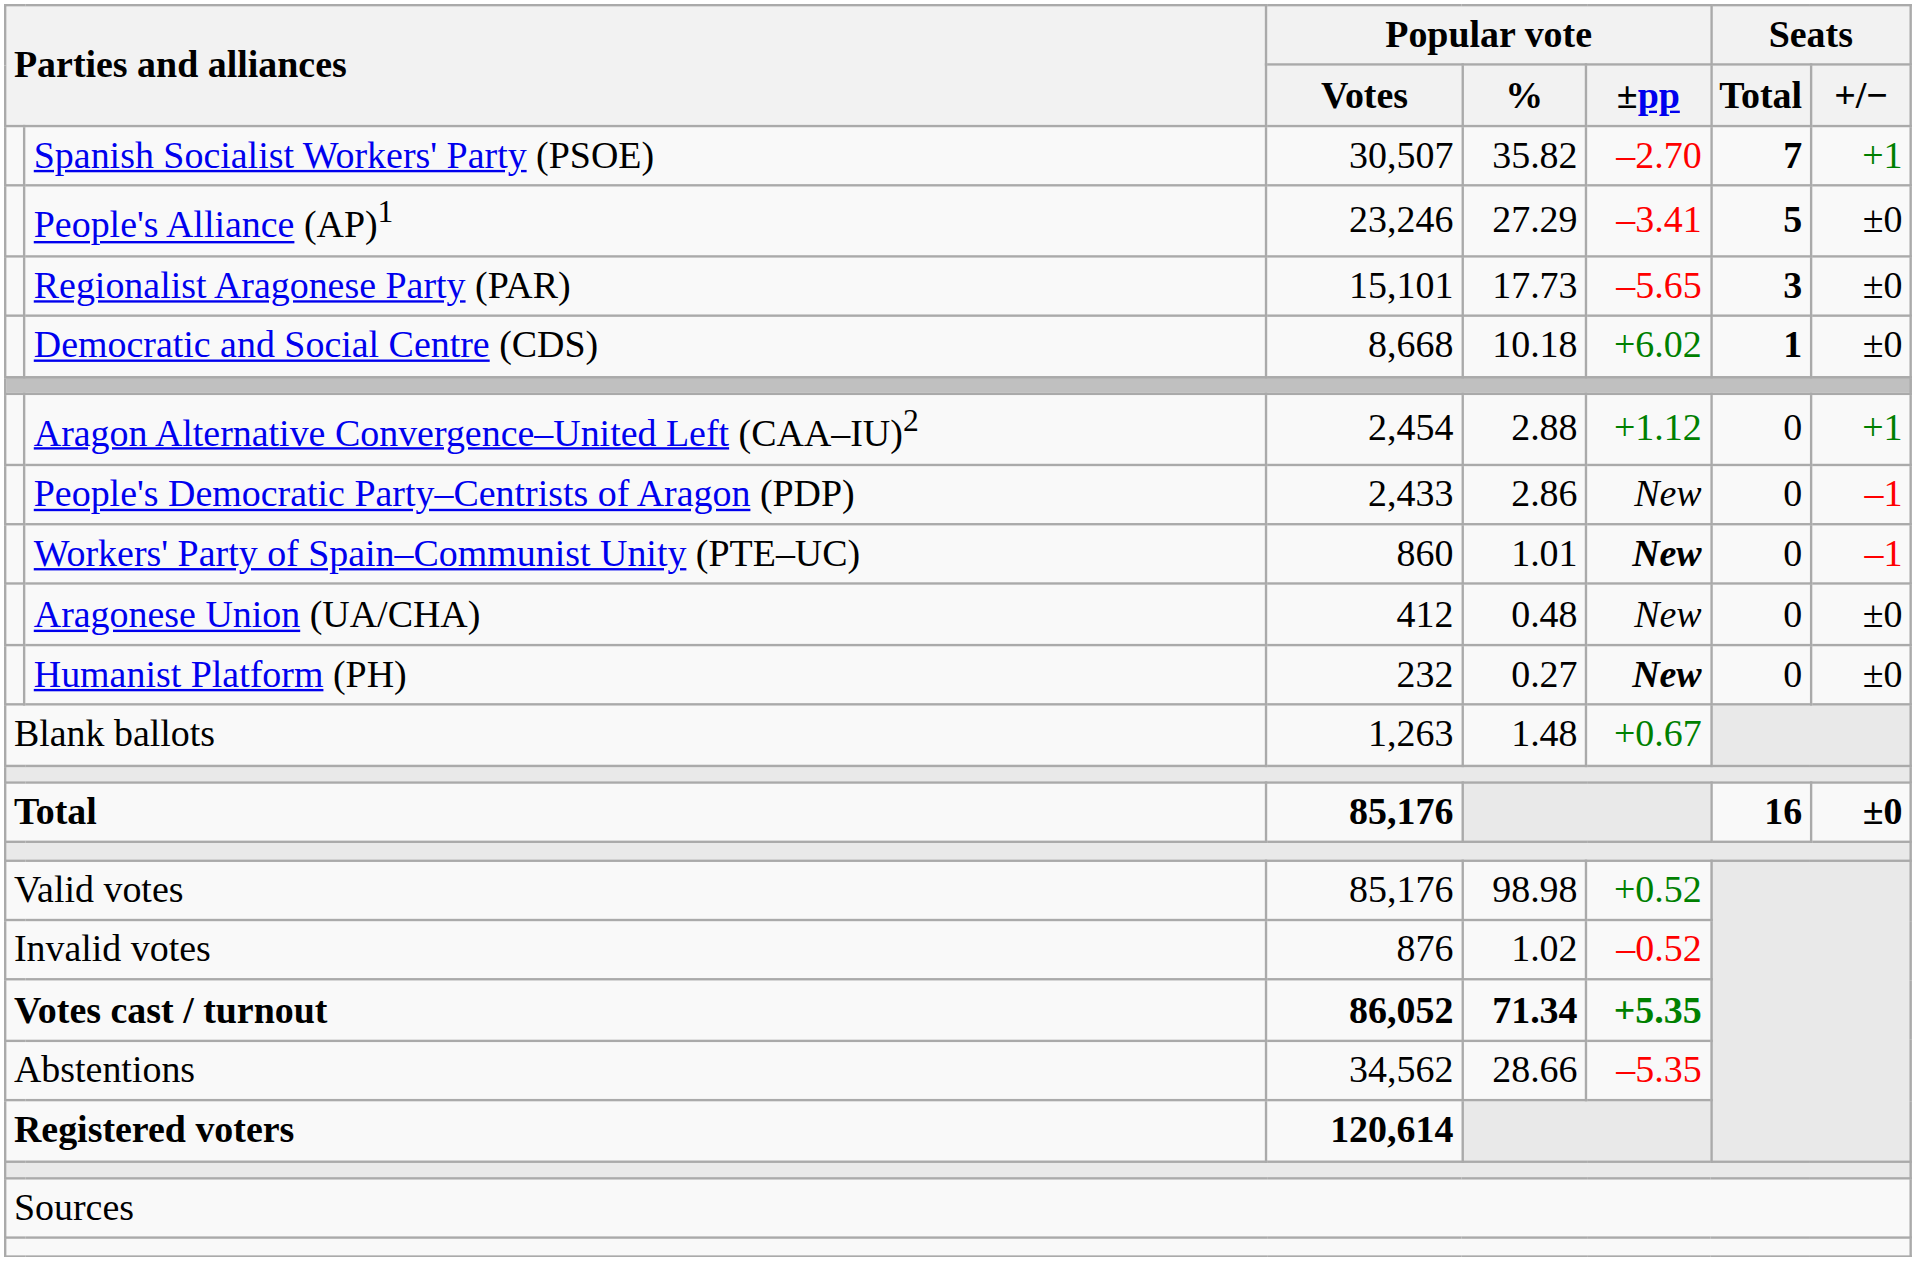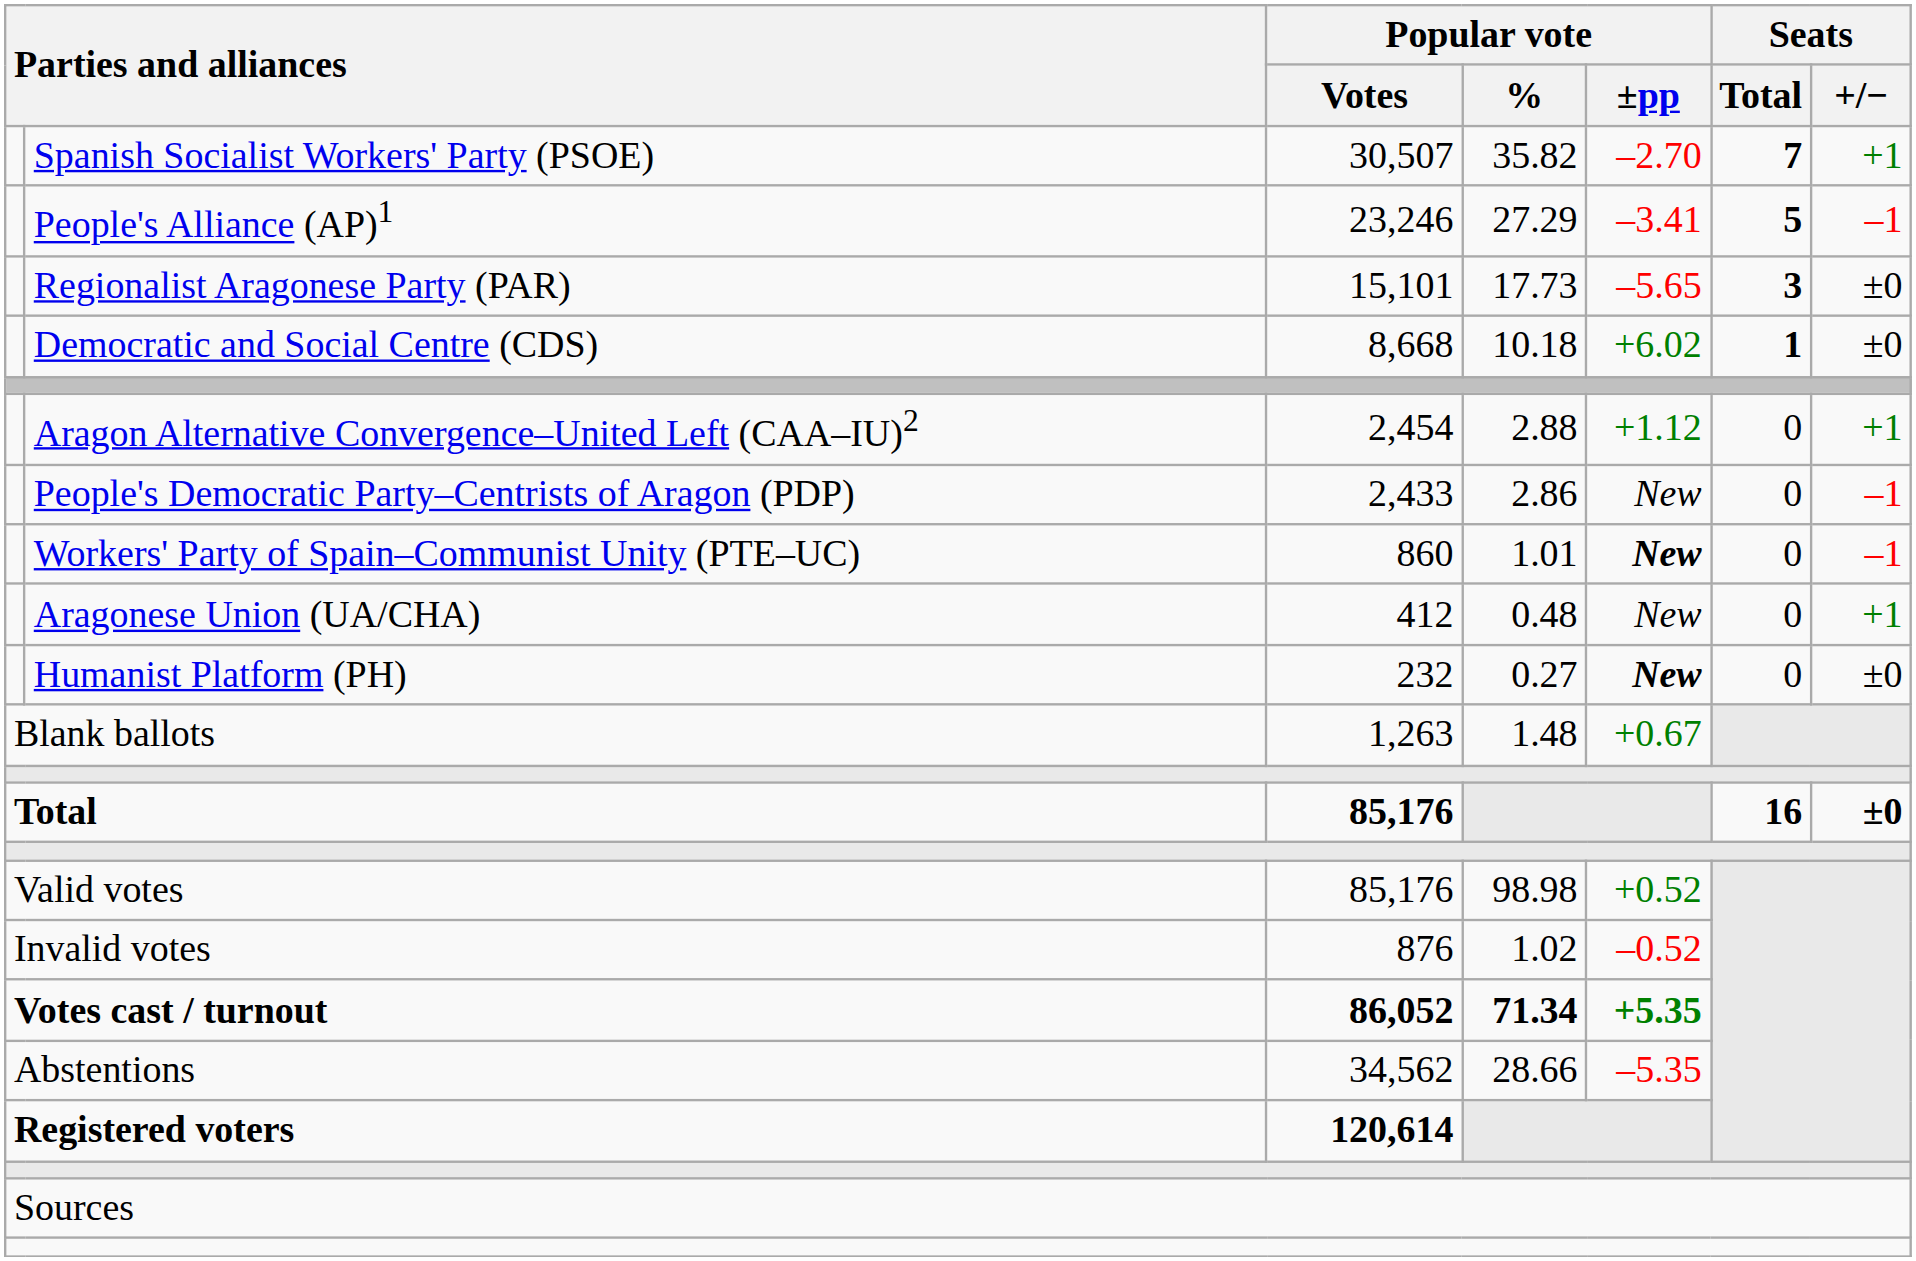 <table class="wikitable" style="text-align:right;">
 <tr>
 <th style="text-align:left;" rowspan="2" colspan="2" width="525">Parties and alliances</th>
 <th colspan="3">Popular vote</th>
 <th colspan="2">Seats</th>
 </tr>
 <tr>
 <th width="75">Votes</th>
 <th width="45">%</th>
 <th width="45">±<a href='#'>pp</a></th>
 <th width="35">Total</th>
 <th width="35">+/−</th>
 </tr>
 <tr>
 <td width="1" style="color:inherit;background:"></td>
 <td align="left"><a href='#'>Spanish Socialist Workers' Party</a> (PSOE)</td>
 <td>30,507</td>
 <td>35.82</td>
 <td style="color:red;">–2.70</td>
 <td><strong>7</strong></td>
 <td style="color:green;">+1</td>
 </tr>
 <tr>
 <td style="color:inherit;background:"></td>
 <td align="left"><a href='#'>People's Alliance</a> (AP)<sup>1</sup></td>
 <td>23,246</td>
 <td>27.29</td>
 <td style="color:red;">–3.41</td>
 <td><strong>5</strong></td>
-<td>±0</td>
+<td style="color:red;">–1</td>
 </tr>
 <tr>
 <td style="color:inherit;background:"></td>
 <td align="left"><a href='#'>Regionalist Aragonese Party</a> (PAR)</td>
 <td>15,101</td>
 <td>17.73</td>
 <td style="color:red;">–5.65</td>
 <td><strong>3</strong></td>
 <td>±0</td>
 </tr>
 <tr>
 <td style="color:inherit;background:"></td>
 <td align="left"><a href='#'>Democratic and Social Centre</a> (CDS)</td>
 <td>8,668</td>
 <td>10.18</td>
 <td style="color:green;">+6.02</td>
 <td><strong>1</strong></td>
 <td>±0</td>
 </tr>
 <tr>
 <td colspan="7" bgcolor="#C0C0C0"></td>
 </tr>
 <tr>
 <td style="color:inherit;background:"></td>
 <td align="left"><a href='#'>Aragon Alternative Convergence–United Left</a> (CAA–IU)<sup>2</sup></td>
 <td>2,454</td>
 <td>2.88</td>
 <td style="color:green;">+1.12</td>
 <td>0</td>
 <td style="color:green;">+1</td>
 </tr>
 <tr>
 <td style="color:inherit;background:"></td>
 <td align="left"><a href='#'>People's Democratic Party–Centrists of Aragon</a> (PDP)</td>
 <td>2,433</td>
 <td>2.86</td>
 <td><em>New</em></td>
 <td>0</td>
 <td style="color:red;">–1</td>
 </tr>
 <tr>
 <td style="color:inherit;background:"></td>
 <td align="left"><a href='#'>Workers' Party of Spain–Communist Unity</a> (PTE–UC)</td>
 <td>860</td>
 <td>1.01</td>
 <td><strong><em>New</em></strong></td>
 <td>0</td>
 <td style="color:red;">–1</td>
 </tr>
 <tr>
 <td style="color:inherit;background:"></td>
 <td align="left"><a href='#'>Aragonese Union</a> (UA/CHA)</td>
 <td>412</td>
 <td>0.48</td>
 <td><em>New</em></td>
 <td>0</td>
-<td>±0</td>
+<td style="color:green;">+1</td>
 </tr>
 <tr>
 <td style="color:inherit;background:"></td>
 <td align="left"><a href='#'>Humanist Platform</a> (PH)</td>
 <td>232</td>
 <td>0.27</td>
 <td><strong><em>New</em></strong></td>
 <td>0</td>
 <td>±0</td>
 </tr>
 <tr>
 <td align="left" colspan="2">Blank ballots</td>
 <td>1,263</td>
 <td>1.48</td>
 <td style="color:green;">+0.67</td>
 <td bgcolor="#E9E9E9" colspan="2"></td>
 </tr>
 <tr>
 <td colspan="7" bgcolor="#E9E9E9"></td>
 </tr>
 <tr style="font-weight:bold;">
 <td align="left" colspan="2">Total</td>
 <td>85,176</td>
 <td bgcolor="#E9E9E9" colspan="2"></td>
 <td>16</td>
 <td>±0</td>
 </tr>
 <tr>
 <td colspan="7" bgcolor="#E9E9E9"></td>
 </tr>
 <tr>
 <td align="left" colspan="2">Valid votes</td>
 <td>85,176</td>
 <td>98.98</td>
 <td style="color:green;">+0.52</td>
 <td bgcolor="#E9E9E9" colspan="2" rowspan="5"></td>
 </tr>
 <tr>
 <td align="left" colspan="2">Invalid votes</td>
 <td>876</td>
 <td>1.02</td>
 <td style="color:red;">–0.52</td>
 </tr>
 <tr style="font-weight:bold;">
 <td align="left" colspan="2">Votes cast / turnout</td>
 <td>86,052</td>
 <td>71.34</td>
 <td style="color:green;">+5.35</td>
 </tr>
 <tr>
 <td align="left" colspan="2">Abstentions</td>
 <td>34,562</td>
 <td>28.66</td>
 <td style="color:red;">–5.35</td>
 </tr>
 <tr style="font-weight:bold;">
 <td align="left" colspan="2">Registered voters</td>
 <td>120,614</td>
 <td bgcolor="#E9E9E9" colspan="2"></td>
 </tr>
 <tr>
 <td colspan="7" bgcolor="#E9E9E9"></td>
 </tr>
 <tr>
 <td align="left" colspan="7">Sources</td>
 </tr>
 <tr>
 <td colspan="7" style="text-align:left; max-width:790px;"></td>
 </tr>
 </table>
